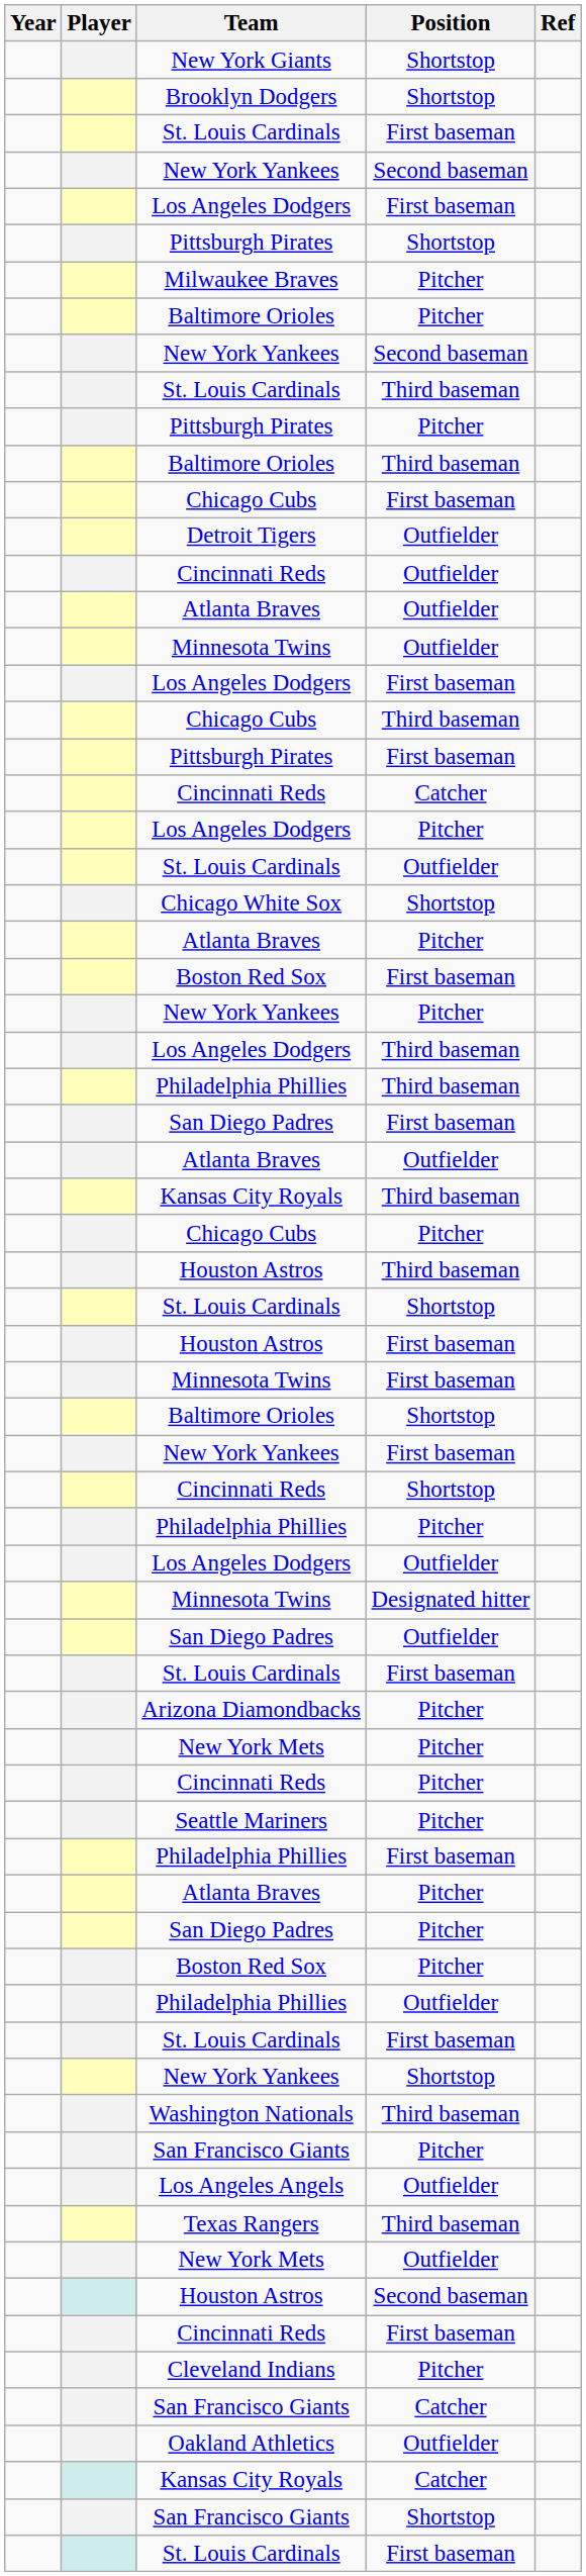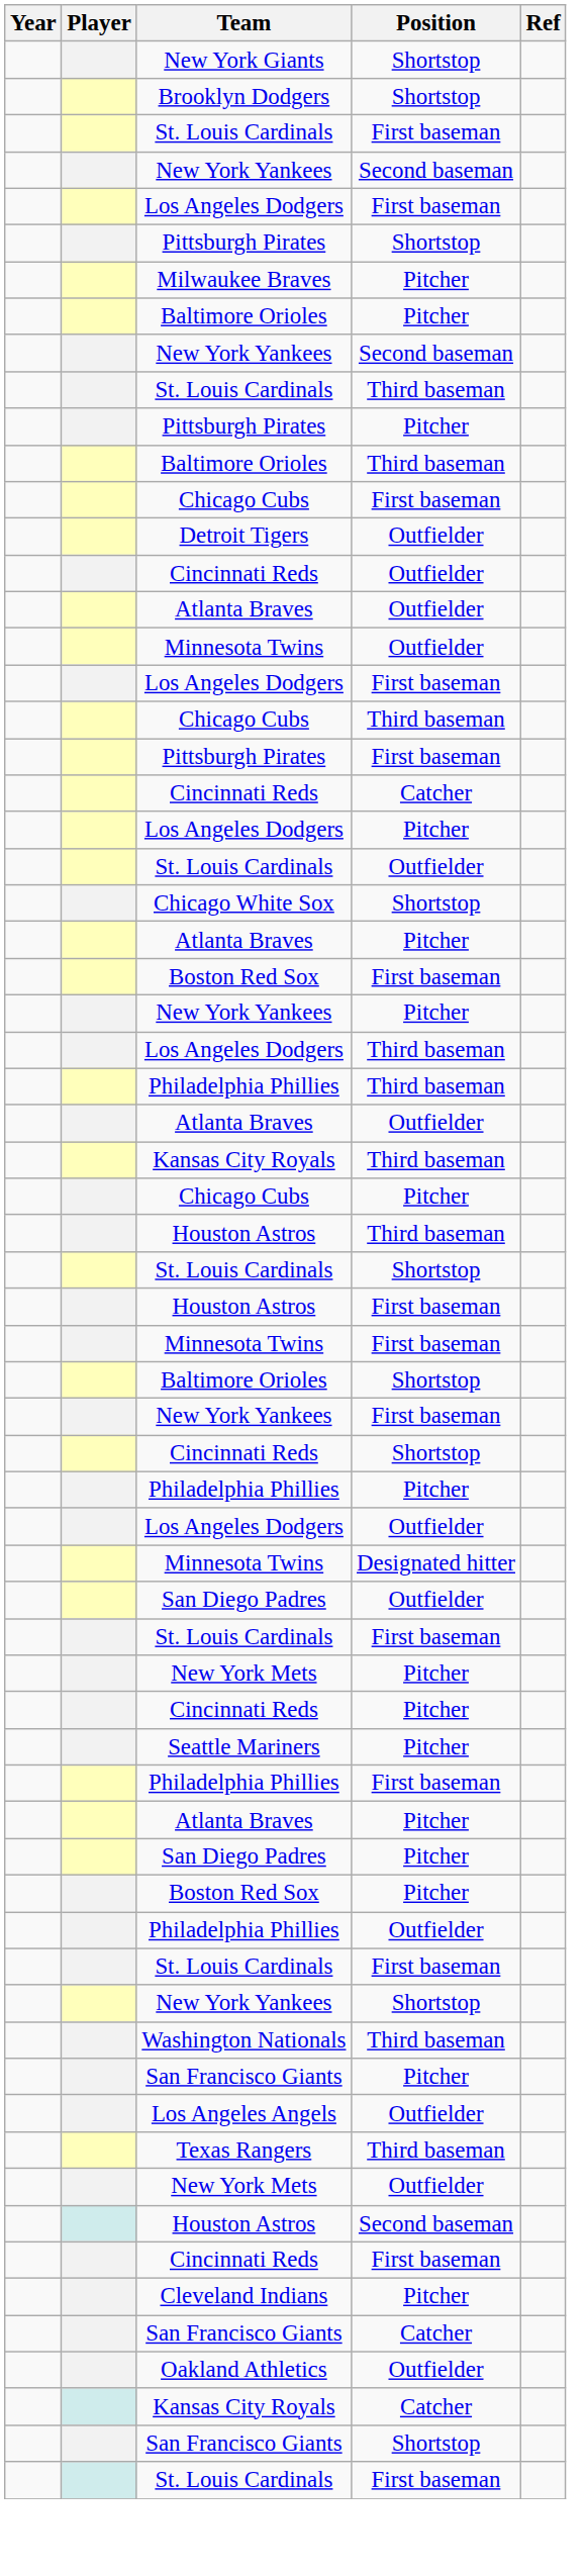 <table class="wikitable sortable plainrowheaders" style="text-align:center;">
 <tr>
 <th scope="col">Year</th>
 <th scope="col">Player</th>
 <th scope="col">Team</th>
 <th scope="col">Position</th>
 <th scope="col" class="unsortable">Ref</th>
 </tr>
 <tr>
 <td></td>
 <th scope="row" style="text-align:center"></th>
 <td><a href='#'>New York Giants</a></td>
 <td><a href='#'>Shortstop</a></td>
 <td></td>
 </tr>
 <tr>
 <td></td>
 <th scope="row" style="text-align:center; background-color: #ffffbb"></th>
 <td><a href='#'>Brooklyn Dodgers</a></td>
 <td><a href='#'>Shortstop</a></td>
 <td></td>
 </tr>
 <tr>
 <td></td>
 <th scope="row" style="text-align:center; background-color: #ffffbb"></th>
 <td><a href='#'>St. Louis Cardinals</a></td>
 <td><a href='#'>First baseman</a></td>
 <td></td>
 </tr>
 <tr>
 <td></td>
 <th scope="row" style="text-align:center"></th>
 <td><a href='#'>New York Yankees</a></td>
 <td><a href='#'>Second baseman</a></td>
 <td></td>
 </tr>
 <tr>
 <td></td>
 <th scope="row" style="text-align:center; background-color: #ffffbb"></th>
 <td><a href='#'>Los Angeles Dodgers</a></td>
 <td><a href='#'>First baseman</a></td>
 <td></td>
 </tr>
 <tr>
 <td></td>
 <th scope="row" style="text-align:center"></th>
 <td><a href='#'>Pittsburgh Pirates</a></td>
 <td><a href='#'>Shortstop</a></td>
 <td></td>
 </tr>
 <tr>
 <td></td>
 <th scope="row" style="text-align:center; background-color: #ffffbb"></th>
 <td><a href='#'>Milwaukee Braves</a></td>
 <td><a href='#'>Pitcher</a></td>
 <td></td>
 </tr>
 <tr>
 <td></td>
 <th scope="row" style="text-align:center; background-color: #ffffbb"></th>
 <td><a href='#'>Baltimore Orioles</a></td>
 <td><a href='#'>Pitcher</a></td>
 <td></td>
 </tr>
 <tr>
 <td></td>
 <th scope="row" style="text-align:center"></th>
 <td><a href='#'>New York Yankees</a></td>
 <td><a href='#'>Second baseman</a></td>
 <td></td>
 </tr>
 <tr>
 <td></td>
 <th scope="row" style="text-align:center"></th>
 <td><a href='#'>St. Louis Cardinals</a></td>
 <td><a href='#'>Third baseman</a></td>
 <td></td>
 </tr>
 <tr>
 <td></td>
 <th scope="row" style="text-align:center"></th>
 <td><a href='#'>Pittsburgh Pirates</a></td>
 <td><a href='#'>Pitcher</a></td>
 <td></td>
 </tr>
 <tr>
 <td></td>
 <th scope="row" style="text-align:center; background-color: #ffffbb"></th>
 <td><a href='#'>Baltimore Orioles</a></td>
 <td><a href='#'>Third baseman</a></td>
 <td></td>
 </tr>
 <tr>
 <td></td>
 <th scope="row" style="text-align:center; background-color: #ffffbb"></th>
 <td><a href='#'>Chicago Cubs</a></td>
 <td><a href='#'>First baseman</a></td>
 <td></td>
 </tr>
 <tr>
 <td></td>
 <th scope="row" style="text-align:center; background-color: #ffffbb"></th>
 <td><a href='#'>Detroit Tigers</a></td>
 <td><a href='#'>Outfielder</a></td>
 <td></td>
 </tr>
 <tr>
 <td></td>
 <th scope="row" style="text-align:center"></th>
 <td><a href='#'>Cincinnati Reds</a></td>
 <td><a href='#'>Outfielder</a></td>
 <td></td>
 </tr>
 <tr>
 <td></td>
 <th scope="row" style="text-align:center; background-color: #ffffbb"></th>
 <td><a href='#'>Atlanta Braves</a></td>
 <td><a href='#'>Outfielder</a></td>
 <td></td>
 </tr>
 <tr>
 <td></td>
 <th scope="row" style="text-align:center; background-color: #ffffbb"></th>
 <td><a href='#'>Minnesota Twins</a></td>
 <td><a href='#'>Outfielder</a></td>
 <td></td>
 </tr>
 <tr>
 <td></td>
 <th scope="row" style="text-align:center"></th>
 <td><a href='#'>Los Angeles Dodgers</a></td>
 <td><a href='#'>First baseman</a></td>
 <td></td>
 </tr>
 <tr>
 <td></td>
 <th scope="row" style="text-align:center; background-color: #ffffbb"></th>
 <td><a href='#'>Chicago Cubs</a></td>
 <td><a href='#'>Third baseman</a></td>
 <td></td>
 </tr>
 <tr>
 <td></td>
 <th scope="row" style="text-align:center; background-color: #ffffbb"></th>
 <td><a href='#'>Pittsburgh Pirates</a></td>
 <td><a href='#'>First baseman</a></td>
 <td></td>
 </tr>
 <tr>
 <td></td>
 <th scope="row" style="text-align:center; background-color: #ffffbb"></th>
 <td><a href='#'>Cincinnati Reds</a></td>
 <td><a href='#'>Catcher</a></td>
 <td></td>
 </tr>
 <tr>
 <td></td>
 <th scope="row" style="text-align:center; background-color: #ffffbb"></th>
 <td><a href='#'>Los Angeles Dodgers</a></td>
 <td><a href='#'>Pitcher</a></td>
 <td></td>
 </tr>
 <tr>
 <td></td>
 <th scope="row" style="text-align:center; background-color: #ffffbb"></th>
 <td><a href='#'>St. Louis Cardinals</a></td>
 <td><a href='#'>Outfielder</a></td>
 <td></td>
 </tr>
 <tr>
 <td></td>
 <th scope="row" style="text-align:center"></th>
 <td><a href='#'>Chicago White Sox</a></td>
 <td><a href='#'>Shortstop</a></td>
 <td></td>
 </tr>
 <tr>
 <td></td>
 <th scope="row" style="text-align:center; background-color: #ffffbb"></th>
 <td><a href='#'>Atlanta Braves</a></td>
 <td><a href='#'>Pitcher</a></td>
 <td></td>
 </tr>
 <tr>
 <td></td>
 <th scope="row" style="text-align:center; background-color: #ffffbb"></th>
 <td><a href='#'>Boston Red Sox</a></td>
 <td><a href='#'>First baseman</a></td>
 <td></td>
 </tr>
 <tr>
 <td></td>
 <th scope="row" style="text-align:center"></th>
 <td><a href='#'>New York Yankees</a></td>
 <td><a href='#'>Pitcher</a></td>
 <td></td>
 </tr>
 <tr>
 <td></td>
 <th scope="row" style="text-align:center"></th>
 <td><a href='#'>Los Angeles Dodgers</a></td>
 <td><a href='#'>Third baseman</a></td>
 <td></td>
 </tr>
 <tr>
 <td></td>
 <th scope="row" style="text-align:center; background-color: #ffffbb"></th>
 <td><a href='#'>Philadelphia Phillies</a></td>
 <td><a href='#'>Third baseman</a></td>
 <td></td>
 </tr>
 <tr>
 <td></td>
 <th scope="row" style="text-align:center"></th>
-<td><a href='#'>San Diego Padres</a></td>
-<td><a href='#'>First baseman</a></td>
-<td></td>
-</tr>
-<tr>
-<td></td>
-<th scope="row" style="text-align:center"></th>
 <td><a href='#'>Atlanta Braves</a></td>
 <td><a href='#'>Outfielder</a></td>
 <td></td>
 </tr>
 <tr>
 <td></td>
 <th scope="row" style="text-align:center; background-color: #ffffbb"></th>
 <td><a href='#'>Kansas City Royals</a></td>
 <td><a href='#'>Third baseman</a></td>
 <td></td>
 </tr>
 <tr>
 <td></td>
 <th scope="row" style="text-align:center"></th>
 <td><a href='#'>Chicago Cubs</a></td>
 <td><a href='#'>Pitcher</a></td>
 <td></td>
 </tr>
 <tr>
 <td></td>
 <th scope="row" style="text-align:center"></th>
 <td><a href='#'>Houston Astros</a></td>
 <td><a href='#'>Third baseman</a></td>
 <td></td>
 </tr>
 <tr>
 <td></td>
 <th scope="row" style="text-align:center; background-color: #ffffbb"></th>
 <td><a href='#'>St. Louis Cardinals</a></td>
 <td><a href='#'>Shortstop</a></td>
 <td></td>
 </tr>
 <tr>
 <td></td>
 <th scope="row" style="text-align:center"></th>
 <td><a href='#'>Houston Astros</a></td>
 <td><a href='#'>First baseman</a></td>
 <td></td>
 </tr>
 <tr>
 <td></td>
 <th scope="row" style="text-align:center"></th>
 <td><a href='#'>Minnesota Twins</a></td>
 <td><a href='#'>First baseman</a></td>
 <td></td>
 </tr>
 <tr>
 <td></td>
 <th scope="row" style="text-align:center; background-color: #ffffbb"></th>
 <td><a href='#'>Baltimore Orioles</a></td>
 <td><a href='#'>Shortstop</a></td>
 <td></td>
 </tr>
 <tr>
 <td></td>
 <th scope="row" style="text-align:center"></th>
 <td><a href='#'>New York Yankees</a></td>
 <td><a href='#'>First baseman</a></td>
 <td></td>
 </tr>
 <tr>
 <td></td>
 <th scope="row" style="text-align:center; background-color: #ffffbb"></th>
 <td><a href='#'>Cincinnati Reds</a></td>
 <td><a href='#'>Shortstop</a></td>
 <td></td>
 </tr>
 <tr>
 <td></td>
 <th scope="row" style="text-align:center"></th>
 <td><a href='#'>Philadelphia Phillies</a></td>
 <td><a href='#'>Pitcher</a></td>
 <td></td>
 </tr>
 <tr>
 <td></td>
 <th scope="row" style="text-align:center"></th>
 <td><a href='#'>Los Angeles Dodgers</a></td>
 <td><a href='#'>Outfielder</a></td>
 <td></td>
 </tr>
 <tr>
 <td></td>
 <th scope="row" style="text-align:center; background-color: #ffffbb"></th>
 <td><a href='#'>Minnesota Twins</a></td>
 <td><a href='#'>Designated hitter</a></td>
 <td></td>
 </tr>
 <tr>
 <td></td>
 <th scope="row" style="text-align:center; background-color: #ffffbb"></th>
 <td><a href='#'>San Diego Padres</a></td>
 <td><a href='#'>Outfielder</a></td>
 <td></td>
 </tr>
 <tr>
 <td></td>
 <th scope="row" style="text-align:center"></th>
 <td><a href='#'>St. Louis Cardinals</a></td>
 <td><a href='#'>First baseman</a></td>
-<td></td>
-</tr>
-<tr>
-<td></td>
-<th scope="row" style="text-align:center"></th>
-<td><a href='#'>Arizona Diamondbacks</a></td>
-<td><a href='#'>Pitcher</a></td>
 <td></td>
 </tr>
 <tr>
 <td></td>
 <th scope="row" style="text-align:center"></th>
 <td><a href='#'>New York Mets</a></td>
 <td><a href='#'>Pitcher</a></td>
 <td></td>
 </tr>
 <tr>
 <td></td>
 <th scope="row" style="text-align:center"></th>
 <td><a href='#'>Cincinnati Reds</a></td>
 <td><a href='#'>Pitcher</a></td>
 <td></td>
 </tr>
 <tr>
 <td></td>
 <th scope="row" style="text-align:center"></th>
 <td><a href='#'>Seattle Mariners</a></td>
 <td><a href='#'>Pitcher</a></td>
 <td></td>
 </tr>
 <tr>
 <td></td>
 <th scope="row" style="text-align:center; background-color: #ffffbb"></th>
 <td><a href='#'>Philadelphia Phillies</a></td>
 <td><a href='#'>First baseman</a></td>
 <td></td>
 </tr>
 <tr>
 <td></td>
 <th scope="row" style="text-align:center; background-color: #ffffbb"></th>
 <td><a href='#'>Atlanta Braves</a></td>
 <td><a href='#'>Pitcher</a></td>
 <td></td>
 </tr>
 <tr>
 <td></td>
 <th scope="row" style="text-align:center; background-color: #ffffbb"></th>
 <td><a href='#'>San Diego Padres</a></td>
 <td><a href='#'>Pitcher</a></td>
 <td></td>
 </tr>
 <tr>
 <td></td>
 <th scope="row" style="text-align:center"></th>
 <td><a href='#'>Boston Red Sox</a></td>
 <td><a href='#'>Pitcher</a></td>
 <td></td>
 </tr>
 <tr>
 <td></td>
 <th scope="row" style="text-align:center"></th>
 <td><a href='#'>Philadelphia Phillies</a></td>
 <td><a href='#'>Outfielder</a></td>
 <td></td>
 </tr>
 <tr>
 <td></td>
 <th scope="row" style="text-align:center"></th>
 <td><a href='#'>St. Louis Cardinals</a></td>
 <td><a href='#'>First baseman</a></td>
 <td></td>
 </tr>
 <tr>
 <td></td>
 <th scope="row" style="text-align:center; background-color: #ffffbb"></th>
 <td><a href='#'>New York Yankees</a></td>
 <td><a href='#'>Shortstop</a></td>
 <td></td>
 </tr>
 <tr>
 <td></td>
 <th scope="row" style="text-align:center"></th>
 <td><a href='#'>Washington Nationals</a></td>
 <td><a href='#'>Third baseman</a></td>
 <td></td>
 </tr>
 <tr>
 <td></td>
 <th scope="row" style="text-align:center;"></th>
 <td><a href='#'>San Francisco Giants</a></td>
 <td><a href='#'>Pitcher</a></td>
 <td></td>
 </tr>
 <tr>
 <td></td>
 <th scope="row" style="text-align:center;"></th>
 <td><a href='#'>Los Angeles Angels</a></td>
 <td><a href='#'>Outfielder</a></td>
 <td></td>
 </tr>
 <tr>
 <td></td>
 <th scope="row" style="text-align:center; background-color: #ffffbb"></th>
 <td><a href='#'>Texas Rangers</a></td>
 <td><a href='#'>Third baseman</a></td>
 <td></td>
 </tr>
 <tr>
 <td></td>
 <th scope="row" style="text-align:center;"></th>
 <td><a href='#'>New York Mets</a></td>
 <td><a href='#'>Outfielder</a></td>
 <td></td>
 </tr>
 <tr>
 <td></td>
 <th scope="row" style="text-align:center; background:#cfecec;"></th>
 <td><a href='#'>Houston Astros</a></td>
 <td><a href='#'>Second baseman</a></td>
 <td></td>
 </tr>
 <tr>
 <td></td>
 <th scope="row" style="text-align:center;"></th>
 <td><a href='#'>Cincinnati Reds</a></td>
 <td><a href='#'>First baseman</a></td>
 <td></td>
 </tr>
 <tr>
 <td></td>
 <th scope="row" style="text-align:center;"></th>
 <td><a href='#'>Cleveland Indians</a></td>
 <td><a href='#'>Pitcher</a></td>
 <td></td>
 </tr>
 <tr>
 <td></td>
 <th scope="row" style="text-align:center;"></th>
 <td><a href='#'>San Francisco Giants</a></td>
 <td><a href='#'>Catcher</a></td>
 <td></td>
 </tr>
 <tr>
 <td></td>
 <th scope="row" style="text-align:center;"></th>
 <td><a href='#'>Oakland Athletics</a></td>
 <td><a href='#'>Outfielder</a></td>
 <td></td>
 </tr>
 <tr>
 <td></td>
 <th scope="row" style="text-align:center; background:#cfecec;"></th>
 <td><a href='#'>Kansas City Royals</a></td>
 <td><a href='#'>Catcher</a></td>
 <td></td>
 </tr>
 <tr>
 <td></td>
 <th scope="row" style="text-align:center;"></th>
 <td><a href='#'>San Francisco Giants</a></td>
 <td><a href='#'>Shortstop</a></td>
 <td></td>
 </tr>
 <tr>
 <td></td>
 <th scope="row" style="text-align:center; background:#cfecec;"></th>
 <td><a href='#'>St. Louis Cardinals</a></td>
 <td><a href='#'>First baseman</a></td>
 <td></td>
 </tr>
 </table>
